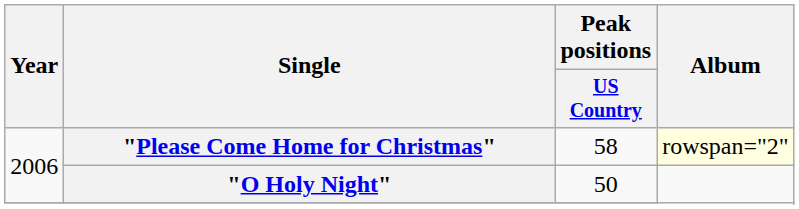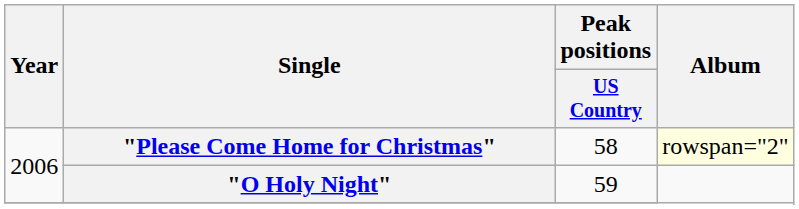 <table class="wikitable plainrowheaders" style="text-align:center;">
 <tr>
 <th rowspan="2">Year</th>
 <th rowspan="2" style="width:20em;">Single</th>
 <th colspan="1">Peak positions</th>
 <th rowspan="2">Album</th>
 </tr>
 <tr style="font-size:smaller;">
 <th width="50"><a href='#'>US Country</a></th>
 </tr>
 <tr>
 <td rowspan="2">2006</td>
 <th scope="row">"<a href='#'>Please Come Home for Christmas</a>"</th>
 <td>58</td>
 <td style="background: lightyellow;">rowspan="2" </td>
 </tr>
 <tr>
 <th scope="row">"<a href='#'>O Holy Night</a>"</th>
-<td>50</td>
+<td>59</td>
 </tr>
 <tr>
 </tr>
 </table>
